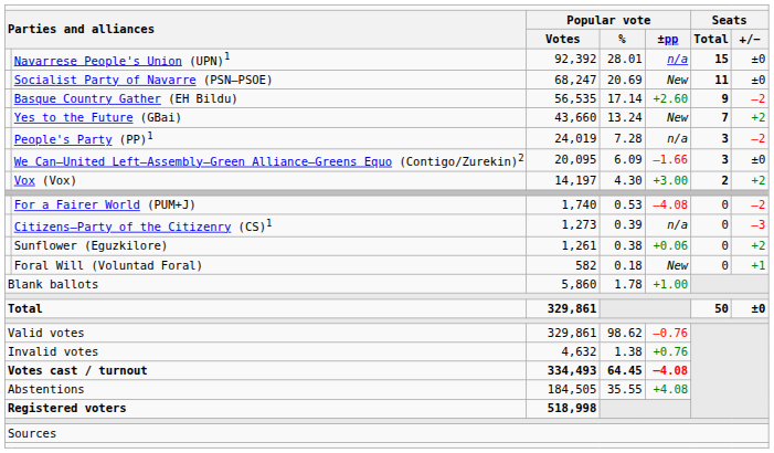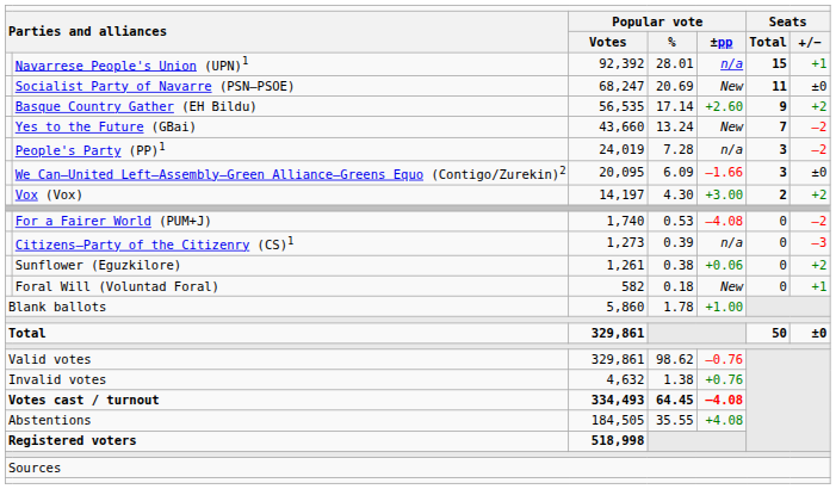 <table class="wikitable" style="text-align:right;">
 <tr>
 <td colspan="7"></td>
 </tr>
 <tr>
 <th style="text-align:left;" rowspan="2" colspan="2" width="525">Parties and alliances</th>
 <th colspan="3">Popular vote</th>
 <th colspan="2">Seats</th>
 </tr>
 <tr>
 <th width="75">Votes</th>
 <th width="45">%</th>
 <th width="45">±<a href='#'>pp</a></th>
 <th width="35">Total</th>
 <th width="35">+/−</th>
 </tr>
 <tr>
 <td width="1" style="color:inherit;background:"></td>
 <td align="left"><a href='#'>Navarrese People's Union</a> (UPN)<sup>1</sup></td>
 <td>92,392</td>
 <td>28.01</td>
 <td><em><a href='#'>n/a</a></em></td>
 <td><strong>15</strong></td>
-<td>±0</td>
+<td style="color:green;">+1</td>
 </tr>
 <tr>
 <td style="color:inherit;background:"></td>
 <td align="left"><a href='#'>Socialist Party of Navarre</a> (PSN–PSOE)</td>
 <td>68,247</td>
 <td>20.69</td>
 <td><em>New</em></td>
 <td><strong>11</strong></td>
 <td>±0</td>
 </tr>
 <tr>
 <td style="color:inherit;background:"></td>
 <td align="left"><a href='#'>Basque Country Gather</a> (EH Bildu)</td>
 <td>56,535</td>
 <td>17.14</td>
 <td style="color:green;">+2.60</td>
 <td><strong>9</strong></td>
-<td style="color:red;">–2</td>
+<td style="color:green;">+2</td>
 </tr>
 <tr>
 <td style="color:inherit;background:"></td>
 <td align="left"><a href='#'>Yes to the Future</a> (GBai)</td>
 <td>43,660</td>
 <td>13.24</td>
 <td><em>New</em></td>
 <td><strong>7</strong></td>
-<td style="color:green;">+2</td>
+<td style="color:red;">–2</td>
 </tr>
 <tr>
 <td style="color:inherit;background:"></td>
 <td align="left"><a href='#'>People's Party</a> (PP)<sup>1</sup></td>
 <td>24,019</td>
 <td>7.28</td>
 <td><em>n/a</em></td>
 <td><strong>3</strong></td>
 <td style="color:red;">–2</td>
 </tr>
 <tr>
 <td style="color:inherit;background:"></td>
 <td align="left"><a href='#'>We Can–United Left–Assembly–Green Alliance–Greens Equo</a> (Contigo/Zurekin)<sup>2</sup></td>
 <td>20,095</td>
 <td>6.09</td>
 <td style="color:red;">–1.66</td>
 <td><strong>3</strong></td>
 <td>±0</td>
 </tr>
 <tr>
 <td style="color:inherit;background:"></td>
 <td align="left"><a href='#'>Vox</a> (Vox)</td>
 <td>14,197</td>
 <td>4.30</td>
 <td style="color:green;">+3.00</td>
 <td><strong>2</strong></td>
 <td style="color:green;">+2</td>
 </tr>
 <tr>
 <td colspan="7" bgcolor="#C0C0C0"></td>
 </tr>
 <tr>
 <td style="color:inherit;background:"></td>
 <td align="left"><a href='#'>For a Fairer World</a> (PUM+J)</td>
 <td>1,740</td>
 <td>0.53</td>
 <td style="color:red;">–4.08</td>
 <td>0</td>
 <td style="color:red;">–2</td>
 </tr>
 <tr>
 <td style="color:inherit;background:"></td>
 <td align="left"><a href='#'>Citizens–Party of the Citizenry</a> (CS)<sup>1</sup></td>
 <td>1,273</td>
 <td>0.39</td>
 <td><em>n/a</em></td>
 <td>0</td>
 <td style="color:red;">–3</td>
 </tr>
 <tr>
 <td style="color:inherit;background:"></td>
 <td align="left">Sunflower (Eguzkilore)</td>
 <td>1,261</td>
 <td>0.38</td>
 <td style="color:green;">+0.06</td>
 <td>0</td>
 <td style="color:green;">+2</td>
 </tr>
 <tr>
 <td style="color:inherit;background:"></td>
 <td align="left">Foral Will (Voluntad Foral)</td>
 <td>582</td>
 <td>0.18</td>
 <td><em>New</em></td>
 <td>0</td>
 <td style="color:green;">+1</td>
 </tr>
 <tr>
 <td align="left" colspan="2">Blank ballots</td>
 <td>5,860</td>
 <td>1.78</td>
 <td style="color:green;">+1.00</td>
 <td bgcolor="#E9E9E9" colspan="2"></td>
 </tr>
 <tr>
 <td colspan="7" bgcolor="#E9E9E9"></td>
 </tr>
 <tr style="font-weight:bold;">
 <td align="left" colspan="2">Total</td>
 <td>329,861</td>
 <td colspan="2" bgcolor="#E9E9E9"></td>
 <td>50</td>
 <td>±0</td>
 </tr>
 <tr>
 <td colspan="7" bgcolor="#E9E9E9"></td>
 </tr>
 <tr>
 <td align="left" colspan="2">Valid votes</td>
 <td>329,861</td>
 <td>98.62</td>
 <td style="color:red;">–0.76</td>
 <td bgcolor="#E9E9E9" colspan="2" rowspan="5"></td>
 </tr>
 <tr>
 <td align="left" colspan="2">Invalid votes</td>
 <td>4,632</td>
 <td>1.38</td>
 <td style="color:green;">+0.76</td>
 </tr>
 <tr style="font-weight:bold;">
 <td align="left" colspan="2">Votes cast / turnout</td>
 <td>334,493</td>
 <td>64.45</td>
 <td style="color:red;">–4.08</td>
 </tr>
 <tr>
 <td align="left" colspan="2">Abstentions</td>
 <td>184,505</td>
 <td>35.55</td>
 <td style="color:green;">+4.08</td>
 </tr>
 <tr style="font-weight:bold;">
 <td align="left" colspan="2">Registered voters</td>
 <td>518,998</td>
 <td colspan="2" bgcolor="#E9E9E9"></td>
 </tr>
 <tr>
 <td colspan="7" bgcolor="#E9E9E9"></td>
 </tr>
 <tr>
 <td align="left" colspan="7">Sources</td>
 </tr>
 <tr>
 <td colspan="7" style="text-align:left; max-width:790px;"></td>
 </tr>
 </table>
